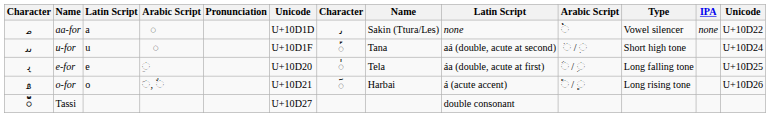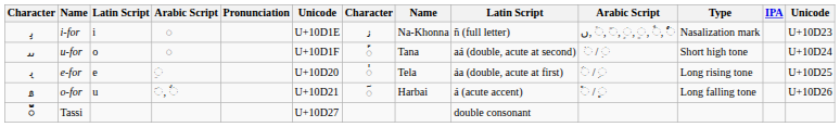 <table class="wikitable">
 <tr>
 <th>Character</th>
 <th>Name</th>
 <th>Latin Script</th>
 <th>Arabic Script</th>
 <th>Pronunciation</th>
 <th>Unicode</th>
 <th>Character</th>
 <th>Name</th>
 <th>Latin Script</th>
 <th>Arabic Script</th>
 <th>Type</th>
 <th><a href='#'>IPA</a></th>
 <th>Unicode</th>
 </tr>
 <tr>
-<td align=center><span>𐴝</span></td>
-<td><em>aa-for</em></td>
-<td>a</td>
-<td>◌َ</td>
+<td align=center><span>𐴞</span></td>
+<td><em>i-for</em></td>
+<td>i</td>
+<td>‌ ◌ِ</td>
 <td></td>
-<td>U+10D1D</td>
-<td align=center><span>𐴢</span></td>
-<td>Sakin (Ttura/Les)</td>
-<td><em>none</em></td>
-<td>◌ۡ</td>
-<td>Vowel silencer</td>
-<td><em>none</em></td>
-<td>U+10D22</td>
+<td>U+10D1E</td>
+<td align=center><span>𐴣</span></td>
+<td>Na-Khonna</td>
+<td>ñ (full letter)</td>
+<td>ں, ◌ً, ◌ࣧ, ◌ٍ, ◌ࣩ, ◌ٌ, ◌ࣨ</td>
+<td>Nasalization mark</td>
+<td></td>
+<td>U+10D23</td>
 </tr>
 <tr>
 <td align=center><span>𐴟</span></td>
 <td><em>u-for</em></td>
-<td>u</td>
+<td>o</td>
 <td>‌ ◌ُ</td>
 <td></td>
 <td>U+10D1F</td>
 <td align=center><span>◌𐴤</span></td>
 <td>Tana</td>
 <td>aá (double, acute at second)</td>
 <td>‌ ◌࣪ / ◌࣭</td>
 <td>Short high tone</td>
 <td></td>
 <td>U+10D24</td>
 </tr>
 <tr>
 <td align=center><span>𐴠</span></td>
 <td><em>e-for</em></td>
 <td>e</td>
 <td>◌ࣦ</td>
 <td></td>
 <td>U+10D20</td>
 <td align=center><span>◌𐴥</span></td>
 <td>Tela</td>
 <td>áa (double, acute at first)</td>
 <td>◌࣫ / ◌࣮</td>
-<td>Long falling tone</td>
+<td>Long rising tone</td>
 <td></td>
 <td>U+10D25</td>
 </tr>
 <tr>
 <td align=center><span>𐴡</span></td>
 <td><em>o-for</em></td>
-<td>o</td>
+<td>u</td>
 <td>◌ࣤ, ◌ࣥ</td>
 <td></td>
 <td>U+10D21</td>
 <td align=center><span>◌𐴦</span></td>
 <td>Harbai</td>
 <td>á (acute accent)</td>
 <td>◌࣬ / ◌࣯</td>
-<td>Long rising tone</td>
+<td>Long falling tone</td>
 <td></td>
 <td>U+10D26</td>
 </tr>
 <tr>
 <td align="center"><strong>𐴧</strong></td>
 <td>Tassi</td>
 <td></td>
 <td></td>
 <td></td>
 <td>U+10D27</td>
 <td align="center"></td>
 <td></td>
 <td>double consonant</td>
 <td></td>
 <td></td>
 <td></td>
 <td></td>
 </tr>
 </table>
